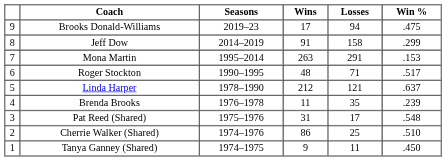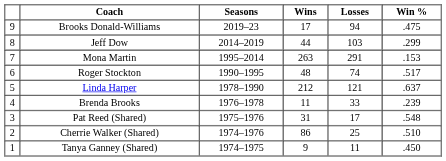 <table cellpadding="2" border="1" cellspacing="0" width="55%">
 <tr>
 <th></th>
 <th>Coach</th>
 <th>Seasons</th>
 <th>Wins</th>
 <th>Losses</th>
 <th>Win %</th>
 </tr>
 <tr align="center" valign="top">
 <td>9</td>
 <td>Brooks Donald-Williams</td>
 <td>2019–23</td>
 <td>17</td>
 <td>94</td>
 <td>.475</td>
 </tr>
 <tr align="center" valign="top">
 <td>8</td>
 <td>Jeff Dow</td>
 <td>2014–2019</td>
-<td>91</td>
-<td>158</td>
+<td>44</td>
+<td>103</td>
 <td>.299</td>
 </tr>
 <tr align="center" valign="top">
 <td>7</td>
 <td>Mona Martin</td>
 <td>1995–2014</td>
 <td>263</td>
 <td>291</td>
 <td>.153</td>
 </tr>
 <tr align="center" valign="top">
 <td>6</td>
 <td>Roger Stockton</td>
 <td>1990–1995</td>
 <td>48</td>
-<td>71</td>
+<td>74</td>
 <td>.517</td>
 </tr>
 <tr align="center" valign="top">
 <td>5</td>
 <td><a href='#'>Linda Harper</a></td>
 <td>1978–1990</td>
 <td>212</td>
 <td>121</td>
 <td>.637</td>
 </tr>
 <tr align="center" valign="top">
 <td>4</td>
 <td>Brenda Brooks</td>
 <td>1976–1978</td>
 <td>11</td>
-<td>35</td>
+<td>33</td>
 <td>.239</td>
 </tr>
 <tr align="center" valign="top">
 <td>3</td>
 <td>Pat Reed (Shared)</td>
 <td>1975–1976</td>
 <td>31</td>
 <td>17</td>
 <td>.548</td>
 </tr>
 <tr align="center" valign="top">
 <td>2</td>
 <td>Cherrie Walker (Shared)</td>
 <td>1974–1976</td>
 <td>86</td>
 <td>25</td>
 <td>.510</td>
 </tr>
 <tr align="center" valign="top">
 <td>1</td>
 <td>Tanya Ganney (Shared)</td>
 <td>1974–1975</td>
 <td>9</td>
 <td>11</td>
 <td>.450</td>
 </tr>
 <tr align="center" valign="top">
 </tr>
 </table>
